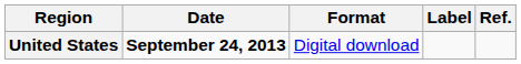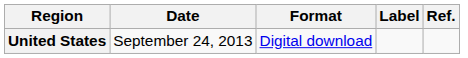 <table class="wikitable sortable plainrowheaders">
 <tr>
 <th scope="col">Region</th>
 <th scope="col">Date</th>
 <th scope="col">Format</th>
 <th scope="col">Label</th>
 <th scope="col">Ref.</th>
 </tr>
 <tr>
 <th scope="row" rowspan="2">United States</th>
-<td><strong>September 24, 2013</strong></td>
+<td>September 24, 2013</td>
 <td><a href='#'>Digital download</a></td>
 <td></td>
 </tr>
 </table>
